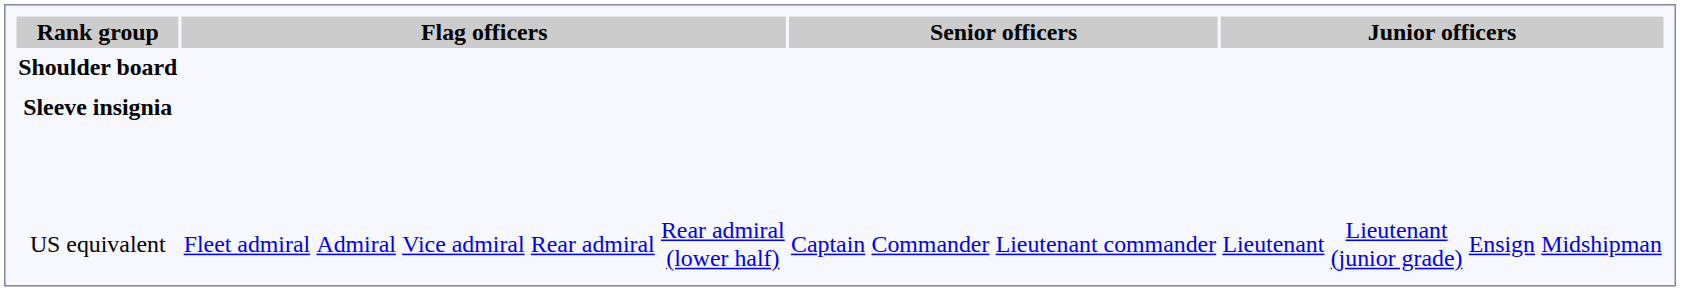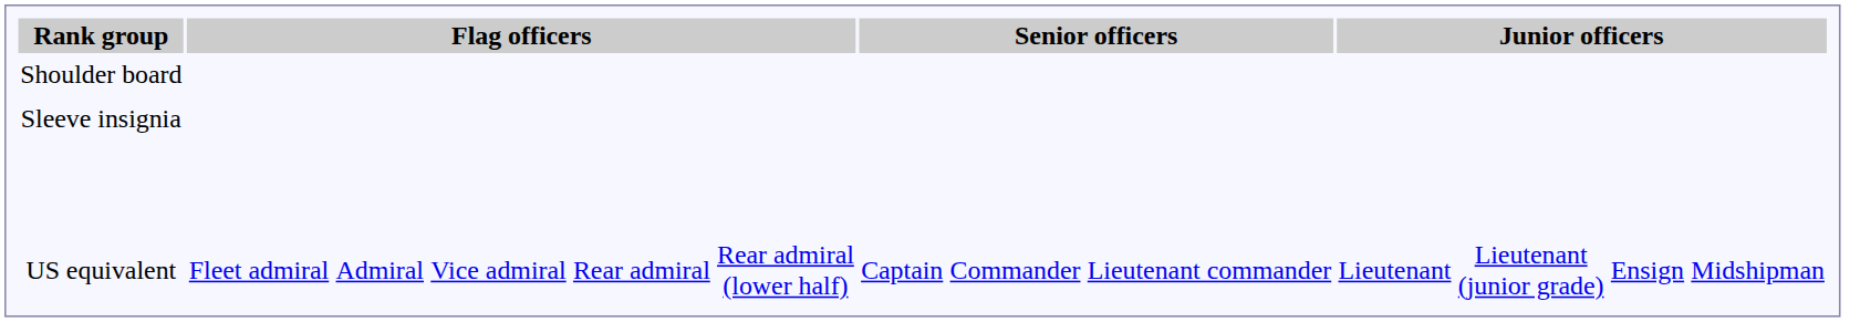 <table style="border:1px solid #8888aa; background-color:#f7f8ff; padding:5px; font-size:95%; margin: 0px 12px 12px 0px;">
 <tr style="background-color:#CCCCCC; text-align:center;">
 <th>Rank group</th>
 <th colspan=6>Flag officers</th>
 <th colspan=3>Senior officers</th>
 <th colspan=4>Junior officers</th>
 </tr>
 <tr style="text-align:center;">
-<td><strong>Shoulder board</strong></td>
+<td>Shoulder board</td>
 <td></td>
 <td></td>
 <td></td>
 <td></td>
 <td></td>
 <td></td>
 <td></td>
 <td></td>
 <td></td>
 <td></td>
 <td></td>
 <td></td>
 <td></td>
 </tr>
 <tr style="text-align:center;">
 <td></td>
 <td></td>
 <td></td>
 <td></td>
 </tr>
 <tr style="text-align:center;">
-<td><strong>Sleeve insignia</strong></td>
+<td>Sleeve insignia</td>
 <td></td>
 <td colspan=2></td>
 <td></td>
 <td></td>
 <td></td>
 <td></td>
 <td></td>
 <td></td>
 <td></td>
 <td></td>
 <td></td>
 <td></td>
 </tr>
 <tr style="text-align:center;">
 <td></td>
 <td><br></td>
 <td colspan=2><br></td>
 <td><br></td>
 <td><br></td>
 <td><br></td>
 <td><br></td>
 <td><br></td>
 <td><br></td>
 <td><br></td>
 <td><br></td>
 <td><br></td>
 <td><br></td>
 </tr>
 <tr style="text-align:center;">
 <td></td>
 <td></td>
 <td colspan=2></td>
 </tr>
 <tr style="text-align:center;">
 <td colspan=15></td>
 </tr>
 <tr style="text-align:center;">
 <td></td>
 <td colspan=3></td>
 <td><br></td>
 <td><br></td>
 <td><br></td>
 <td><br></td>
 <td><br></td>
 <td><br></td>
 <td><br></td>
 <td><br></td>
 <td><br></td>
 <td><br></td>
 </tr>
 <tr style="text-align:center;">
 <td colspan=15></td>
 </tr>
 <tr style="text-align:center;">
 <td>US equivalent</td>
 <td><a href='#'>Fleet admiral</a></td>
 <td colspan=2><a href='#'>Admiral</a></td>
 <td><a href='#'>Vice admiral</a></td>
 <td><a href='#'>Rear admiral</a></td>
 <td><a href='#'>Rear admiral<br>(lower half)</a></td>
 <td><a href='#'>Captain</a></td>
 <td><a href='#'>Commander</a></td>
 <td><a href='#'>Lieutenant commander</a></td>
 <td><a href='#'>Lieutenant</a></td>
 <td><a href='#'>Lieutenant<br>(junior grade)</a></td>
 <td><a href='#'>Ensign</a></td>
 <td><a href='#'>Midshipman</a></td>
 </tr>
 </table>
